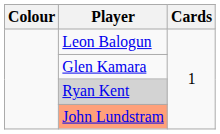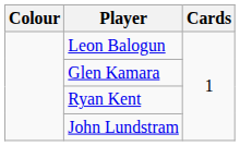 <table class="wikitable" style="text-align:center">
 <tr>
 <th>Colour</th>
 <th>Player</th>
 <th>Cards</th>
 </tr>
 <tr>
 <td rowspan="4"></td>
 <td align="left"><a href='#'>Leon Balogun</a></td>
 <td rowspan="4">1</td>
 </tr>
 <tr>
 <td align="left"><a href='#'>Glen Kamara</a></td>
 </tr>
 <tr>
-<td align="left" style="background: lightgrey;"><a href='#'>Ryan Kent</a></td>
+<td align="left"><a href='#'>Ryan Kent</a></td>
 </tr>
 <tr>
-<td align="left" style="background: lightsalmon;"><a href='#'>John Lundstram</a></td>
+<td align="left"><a href='#'>John Lundstram</a></td>
 </tr>
 </table>
